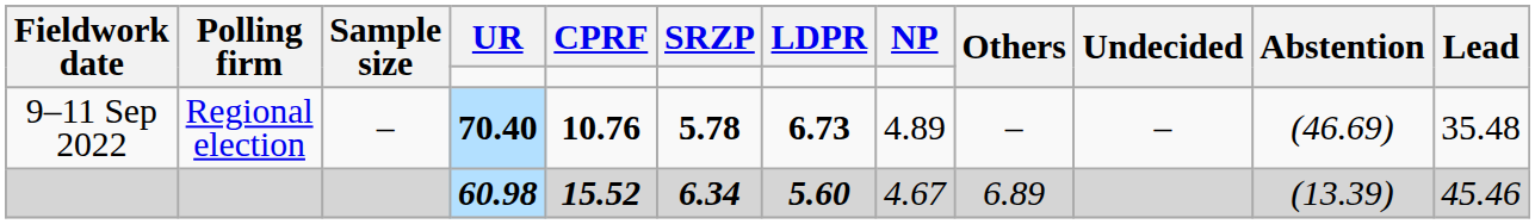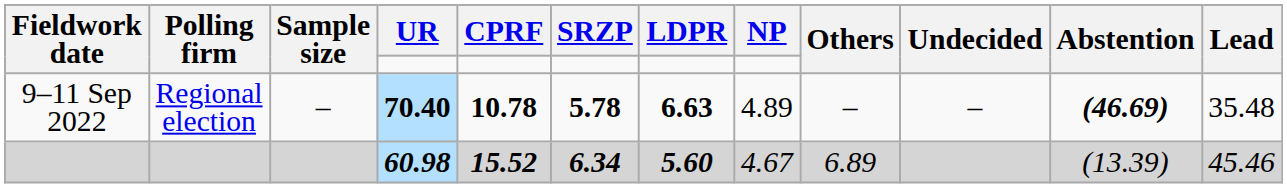 <table class=wikitable style="font-size:95%; line-height:14px; text-align:center">
 <tr>
 <th style=width:120px; rowspan=2>Fieldwork date</th>
 <th style=width:120px; rowspan=2>Polling firm</th>
 <th style=width:50px; rowspan=2>Sample<br>size</th>
 <th style="width:50px;"><a href='#'>UR</a></th>
 <th style="width:50px;"><a href='#'>CPRF</a></th>
 <th style="width:50px;"><a href='#'>SRZP</a></th>
 <th style="width:50px;"><a href='#'>LDPR</a></th>
 <th style="width:50px;"><a href='#'>NP</a></th>
 <th style="width:50px;" rowspan=2>Others</th>
 <th style="width:50px;" rowspan=2>Undecided</th>
 <th style="width:50px;" rowspan=2>Abstention</th>
 <th style="width:50px;" rowspan="2">Lead</th>
 </tr>
 <tr>
 <td bgcolor=></td>
 <td bgcolor=></td>
 <td bgcolor=></td>
 <td bgcolor=></td>
 <td bgcolor=></td>
 </tr>
 <tr>
 <td>9–11 Sep 2022</td>
 <td><a href='#'>Regional election</a></td>
 <td>–</td>
 <td style="background:#B3E0FF"><strong>70.40</strong></td>
-<td><strong>10.76</strong></td>
+<td><strong>10.78</strong></td>
 <td><strong>5.78</strong></td>
-<td><strong>6.73</strong></td>
+<td><strong>6.63</strong></td>
 <td>4.89</td>
 <td>–</td>
 <td>–</td>
-<td><em>(46.69)</em></td>
+<td><strong><em>(46.69)</em></strong></td>
 <td style="background:">35.48</td>
 </tr>
 <tr style="background:#D5D5D5">
 <td></td>
 <td></td>
 <td></td>
 <td style="background:#B3E0FF"><strong><em>60.98</em></strong></td>
 <td><strong><em>15.52</em></strong></td>
 <td><strong><em>6.34</em></strong></td>
 <td><strong><em>5.60</em></strong></td>
 <td><em>4.67</em></td>
 <td><em>6.89</em></td>
 <td></td>
 <td><em>(13.39)</em></td>
 <td style="background:"><em>45.46</em></td>
 </tr>
 </table>
